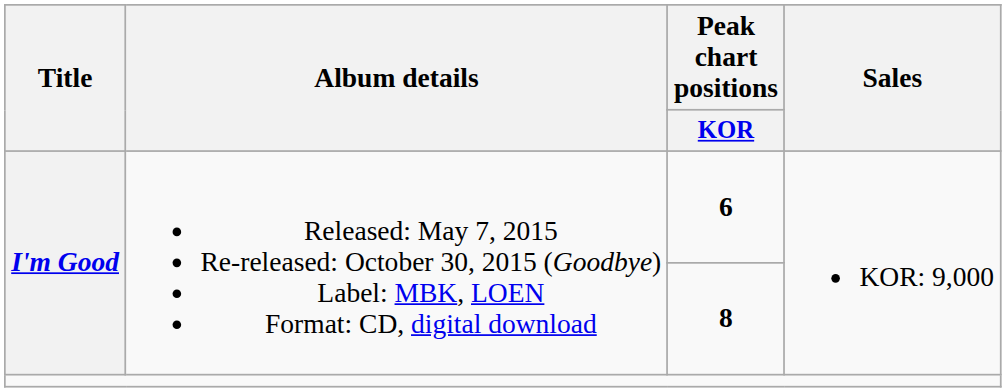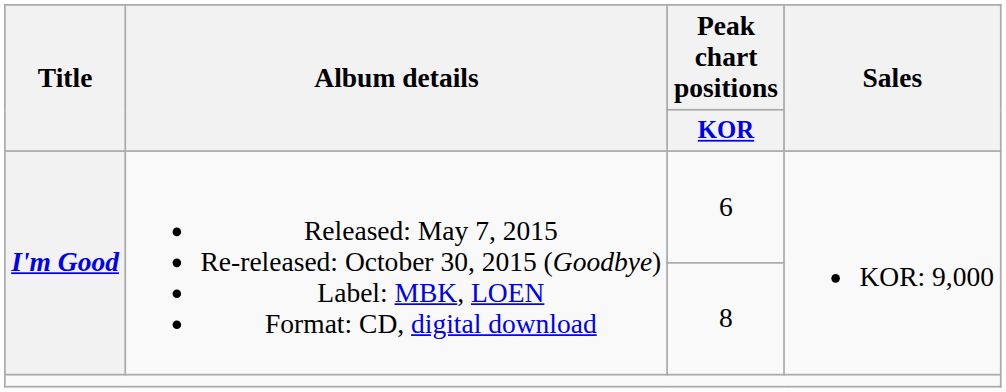 <table class="wikitable plainrowheaders" style="text-align:center">
 <tr>
 <th rowspan="2">Title</th>
 <th rowspan="2">Album details</th>
 <th scope="col">Peak chart positions</th>
 <th rowspan="2">Sales</th>
 </tr>
 <tr>
 <th rowspan="1" scope="col" style="width:3em;font-size:90%"><a href='#'>KOR</a><br></th>
 </tr>
 <tr>
 <th scope="row" rowspan="2"><em><a href='#'>I'm Good</a></em></th>
 <td rowspan="2"><br><ul><li>Released: May 7, 2015 </li><li>Re-released: October 30, 2015 (<em>Goodbye</em>)</li><li>Label: <a href='#'>MBK</a>, <a href='#'>LOEN</a></li><li>Format: CD, <a href='#'>digital download</a></li></ul></td>
-<td><strong>6</strong></td>
+<td>6</td>
 <td rowspan="2"><br><ul><li>KOR: 9,000</li></ul></td>
 </tr>
 <tr>
-<td><strong>8</strong></td>
+<td>8</td>
 </tr>
 <tr>
 <td colspan="4"></td>
 </tr>
 </table>
